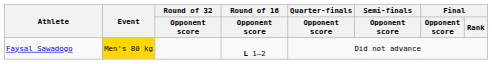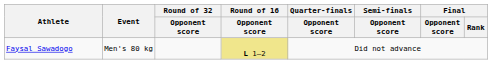 <table class="wikitable" style="font-size:90%; text-align:center">
 <tr>
 <th rowspan="2" width="150">Athlete</th>
 <th rowspan="2">Event</th>
 <th width="100">Round of 32</th>
 <th width="100">Round of 16</th>
 <th width="100">Quarter-finals</th>
 <th width="100">Semi-finals</th>
 <th colspan="2" width="100">Final</th>
 </tr>
 <tr>
 <th>Opponent<br>score</th>
 <th>Opponent<br>score</th>
 <th>Opponent<br>score</th>
 <th>Opponent<br>score</th>
 <th>Opponent<br>score</th>
 <th>Rank</th>
 </tr>
 <tr>
 <td align="left"><a href='#'>Faysal Sawadogo</a></td>
-<td align="left" style="background: gold;">Men's 80 kg</td>
+<td align="left">Men's 80 kg</td>
 <td></td>
-<td><br><strong>L</strong> 1–2</td>
+<td style="background: khaki;"><br><strong>L</strong> 1–2</td>
 <td colspan="4">Did not advance</td>
 </tr>
 </table>
